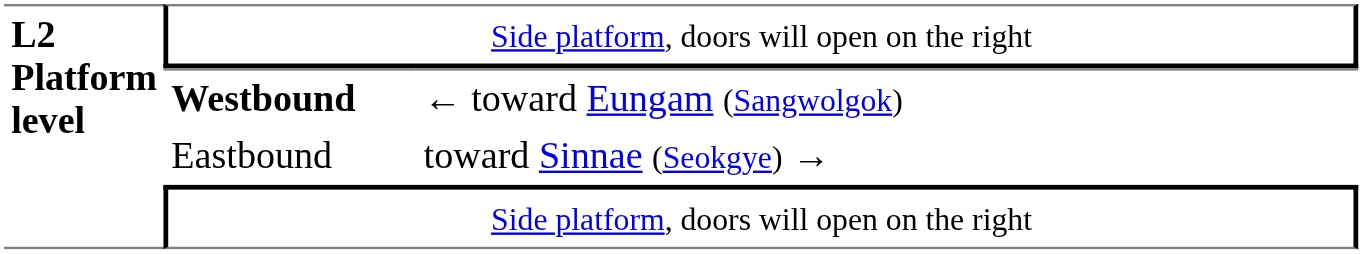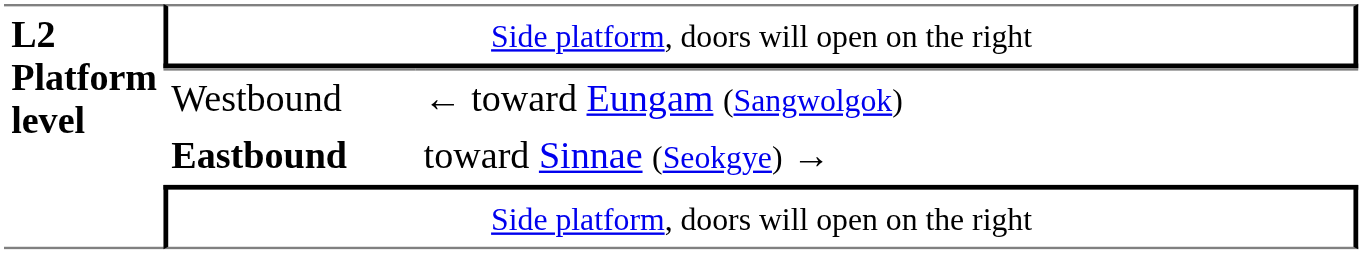 <table table border=0 cellspacing=0 cellpadding=3>
 <tr>
 <td style="border-top:solid 1px gray;border-bottom:solid 1px gray;" width=50 rowspan=10 valign=top><strong>L2<br>Platform level</strong></td>
 <td style="border-top:solid 1px gray;border-right:solid 2px black;border-left:solid 2px black;border-bottom:solid 2px black;text-align:center;" colspan=2><small><a href='#'>Side platform</a>, doors will open on the right</small></td>
 </tr>
 <tr>
-<td style="border-bottom:solid 0px gray;border-top:solid 1px gray;" width=100><strong>Westbound</strong></td>
+<td style="border-bottom:solid 0px gray;border-top:solid 1px gray;" width=100>Westbound</td>
 <td style="border-bottom:solid 0px gray;border-top:solid 1px gray;" width=390>←  toward <a href='#'>Eungam</a> <small>(<a href='#'>Sangwolgok</a>)</small></td>
 </tr>
 <tr>
-<td>Eastbound</td>
+<td><strong>Eastbound</strong></td>
 <td>  toward <a href='#'>Sinnae</a> <small>(<a href='#'>Seokgye</a>)</small> →</td>
 </tr>
 <tr>
 <td style="border-top:solid 2px black;border-right:solid 2px black;border-left:solid 2px black;border-bottom:solid 1px gray;text-align:center;" colspan=2><small><a href='#'>Side platform</a>, doors will open on the right </small></td>
 </tr>
 </table>
